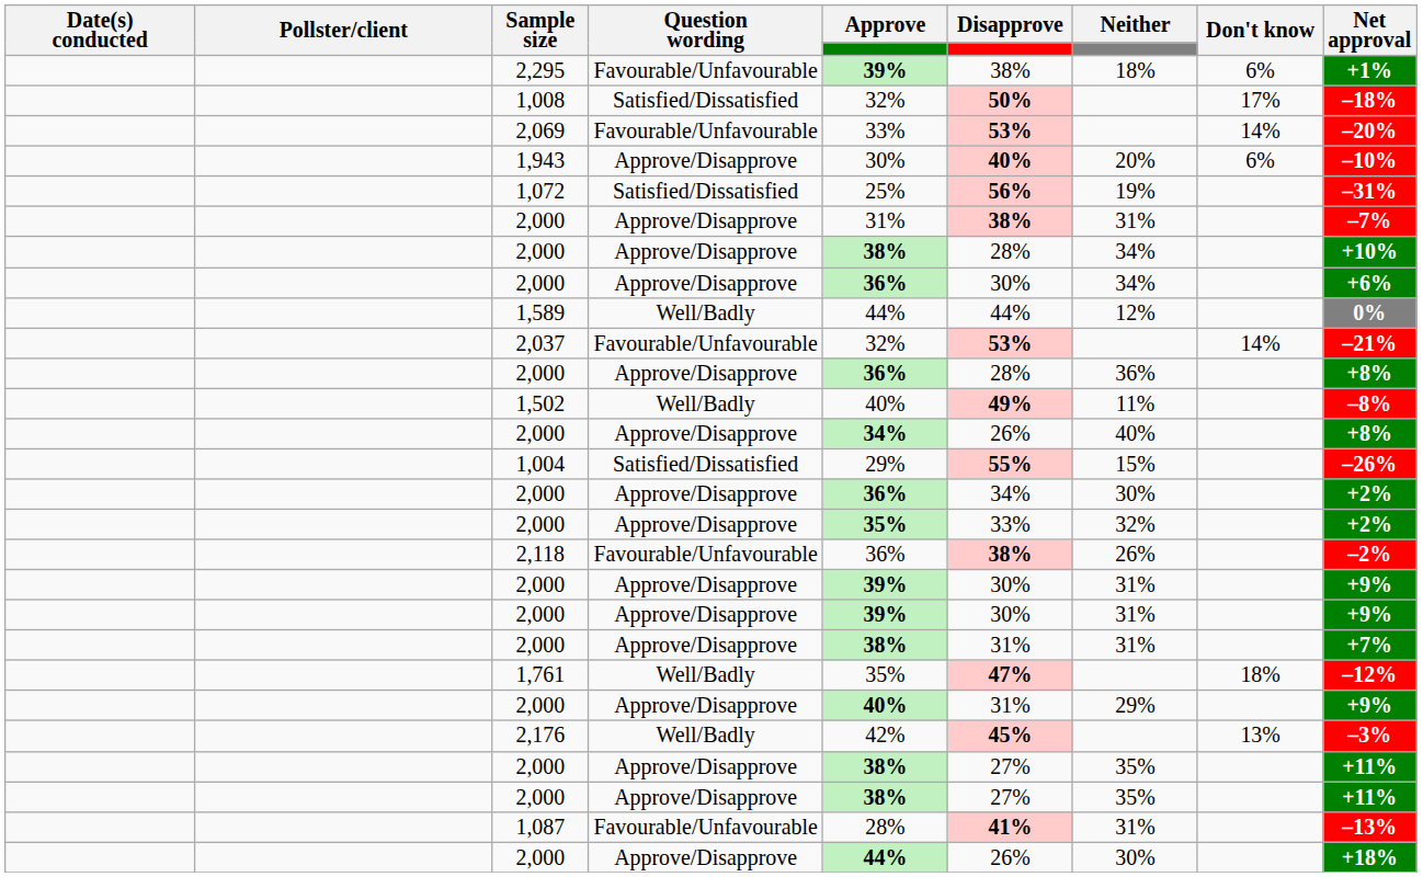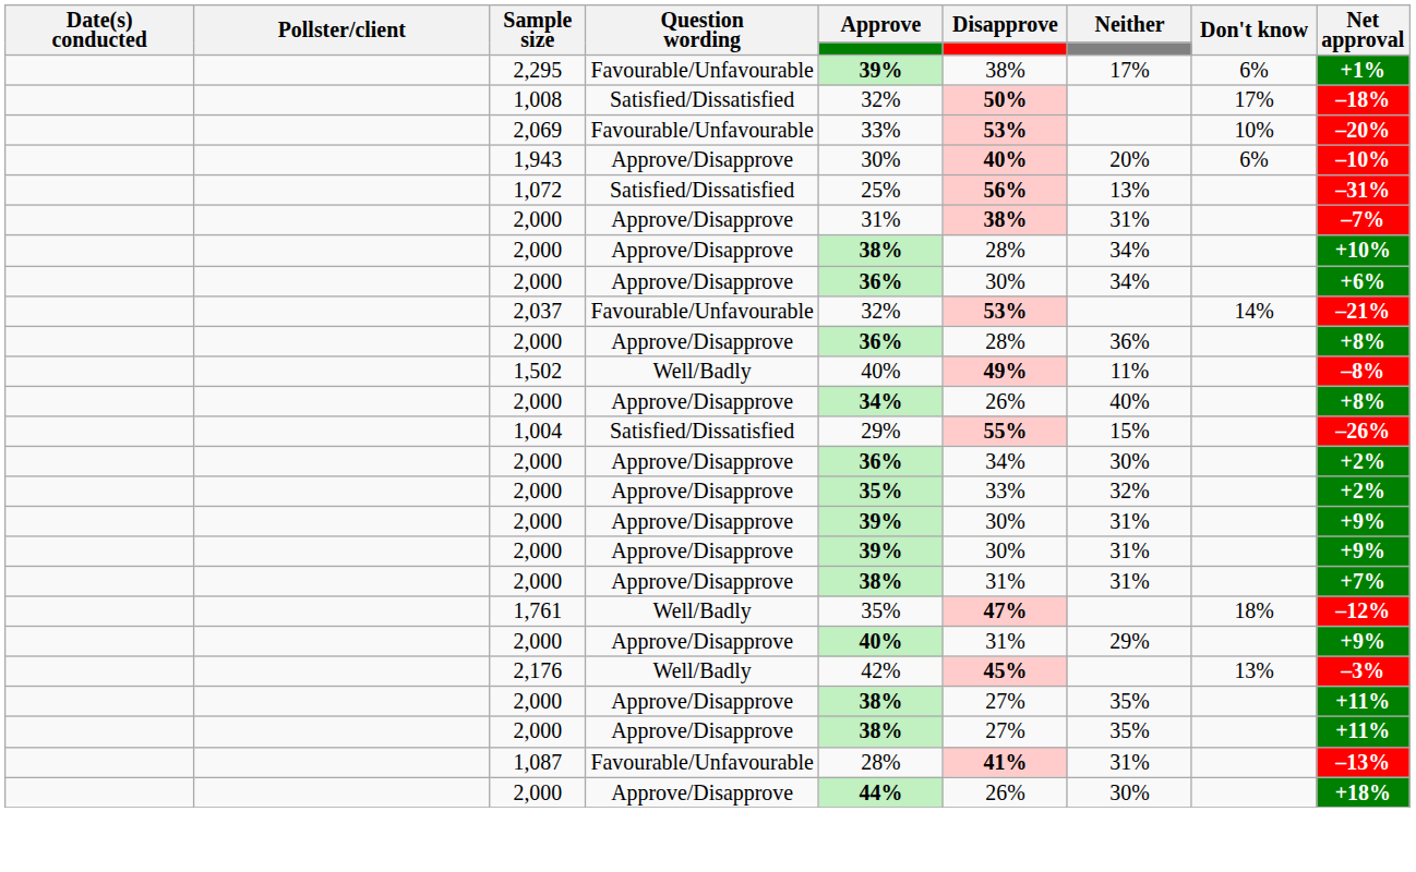 <table class="wikitable collapsible sortable mw-datatable" style="text-align:center;font-size:95%;line-height:14px;">
 <tr>
 <th style="width:125px;" rowspan="2">Date(s)<br>conducted</th>
 <th style="width:200px;" rowspan="2">Pollster/client</th>
 <th style="width:60px;" rowspan="2">Sample size</th>
 <th style="width:120px;" rowspan="2">Question<br>wording</th>
 <th class="unsortable" style="width:80px;">Approve</th>
 <th class="unsortable" style="width: 80px;">Disapprove</th>
 <th class="unsortable" style="width:80px;">Neither</th>
 <th class="unsortable" style="width:80px;" rowspan="2">Don't know</th>
 <th class="unsortable" style="width:20px;" rowspan="2">Net approval</th>
 </tr>
 <tr>
 <th class="unsortable" style="color:inherit;background:green;width:60px;"></th>
 <th class="unsortable" style="color:inherit;background:red;width:60px;"></th>
 <th class="unsortable" style="background:grey;width:60px;"></th>
 </tr>
 <tr>
 <td></td>
 <td></td>
 <td>2,295</td>
 <td>Favourable/Unfavourable</td>
 <td style="background:#C1F0C1"><strong>39%</strong></td>
 <td>38%</td>
-<td>18%</td>
+<td>17%</td>
 <td>6%</td>
 <td style="background:green;color:white"><strong>+1%</strong></td>
 </tr>
 <tr>
 <td></td>
 <td></td>
 <td>1,008</td>
 <td>Satisfied/Dissatisfied</td>
 <td>32%</td>
 <td style="background:#ffcccb"><strong>50%</strong></td>
 <td></td>
 <td>17%</td>
 <td style="background:red;color:white"><strong>–18%</strong></td>
 </tr>
 <tr>
 <td></td>
 <td></td>
 <td>2,069</td>
 <td>Favourable/Unfavourable</td>
 <td>33%</td>
 <td style="background:#ffcccb"><strong>53%</strong></td>
 <td></td>
-<td>14%</td>
+<td>10%</td>
 <td style="background:red;color:white"><strong>–20%</strong></td>
 </tr>
 <tr>
 <td></td>
 <td></td>
 <td>1,943</td>
 <td>Approve/Disapprove</td>
 <td>30%</td>
 <td style="background:#ffcccb"><strong>40%</strong></td>
 <td>20%</td>
 <td>6%</td>
 <td style="background:red;color:white"><strong>–10%</strong></td>
 </tr>
 <tr>
 <td></td>
 <td></td>
 <td>1,072</td>
 <td>Satisfied/Dissatisfied</td>
 <td>25%</td>
 <td style="background:#ffcccb"><strong>56%</strong></td>
-<td>19%</td>
+<td>13%</td>
 <td></td>
 <td style="background:red;color:white"><strong>–31%</strong></td>
 </tr>
 <tr>
 <td></td>
 <td></td>
 <td>2,000</td>
 <td>Approve/Disapprove</td>
 <td>31%</td>
 <td style="background:#ffcccb"><strong>38%</strong></td>
 <td>31%</td>
 <td></td>
 <td style="background:red;color:white"><strong>–7%</strong></td>
 </tr>
 <tr>
 <td></td>
 <td></td>
 <td>2,000</td>
 <td>Approve/Disapprove</td>
 <td style="background:#C1F0C1"><strong>38%</strong></td>
 <td>28%</td>
 <td>34%</td>
 <td></td>
 <td style="background:green;color:white"><strong>+10%</strong></td>
 </tr>
 <tr>
 <td></td>
 <td></td>
 <td>2,000</td>
 <td>Approve/Disapprove</td>
 <td style="background:#C1F0C1"><strong>36%</strong></td>
 <td>30%</td>
 <td>34%</td>
 <td></td>
 <td style="background:green;color:white"><strong>+6%</strong></td>
-</tr>
-<tr>
-<td></td>
-<td></td>
-<td>1,589</td>
-<td>Well/Badly</td>
-<td>44%</td>
-<td>44%</td>
-<td>12%</td>
-<td></td>
-<td style="background:grey;color:white;"><strong>0%</strong></td>
 </tr>
 <tr>
 <td></td>
 <td></td>
 <td>2,037</td>
 <td>Favourable/Unfavourable</td>
 <td>32%</td>
 <td style="background:#ffcccb"><strong>53%</strong></td>
 <td></td>
 <td>14%</td>
 <td style="background:red;color:white"><strong>–21%</strong></td>
 </tr>
 <tr>
 <td></td>
 <td></td>
 <td>2,000</td>
 <td>Approve/Disapprove</td>
 <td style="background:#C1F0C1"><strong>36%</strong></td>
 <td>28%</td>
 <td>36%</td>
 <td></td>
 <td style="background:green;color:white"><strong>+8%</strong></td>
 </tr>
 <tr>
 <td></td>
 <td></td>
 <td>1,502</td>
 <td>Well/Badly</td>
 <td>40%</td>
 <td style="background:#ffcccb"><strong>49%</strong></td>
 <td>11%</td>
 <td></td>
 <td style="background:red;color:white"><strong>–8%</strong></td>
 </tr>
 <tr>
 <td></td>
 <td></td>
 <td>2,000</td>
 <td>Approve/Disapprove</td>
 <td style="background:#C1F0C1"><strong>34%</strong></td>
 <td>26%</td>
 <td>40%</td>
 <td></td>
 <td style="background:green;color:white"><strong>+8%</strong></td>
 </tr>
 <tr>
 <td></td>
 <td></td>
 <td>1,004</td>
 <td>Satisfied/Dissatisfied</td>
 <td>29%</td>
 <td style="background:#ffcccb"><strong>55%</strong></td>
 <td>15%</td>
 <td></td>
 <td style="background:red;color:white"><strong>–26%</strong></td>
 </tr>
 <tr>
 <td></td>
 <td></td>
 <td>2,000</td>
 <td>Approve/Disapprove</td>
 <td style="background:#C1F0C1"><strong>36%</strong></td>
 <td>34%</td>
 <td>30%</td>
 <td></td>
 <td style="background:green;color:white"><strong>+2%</strong></td>
 </tr>
 <tr>
 <td></td>
 <td></td>
 <td>2,000</td>
 <td>Approve/Disapprove</td>
 <td style="background:#C1F0C1"><strong>35%</strong></td>
 <td>33%</td>
 <td>32%</td>
 <td></td>
 <td style="background:green;color:white"><strong>+2%</strong></td>
-</tr>
-<tr>
-<td></td>
-<td></td>
-<td>2,118</td>
-<td>Favourable/Unfavourable</td>
-<td>36%</td>
-<td style="background:#ffcccb"><strong>38%</strong></td>
-<td>26%</td>
-<td></td>
-<td style="background:red;color:white"><strong>–2%</strong></td>
 </tr>
 <tr>
 <td></td>
 <td></td>
 <td>2,000</td>
 <td>Approve/Disapprove</td>
 <td style="background:#C1F0C1"><strong>39%</strong></td>
 <td>30%</td>
 <td>31%</td>
 <td></td>
 <td style="background:green;color:white"><strong>+9%</strong></td>
 </tr>
 <tr>
 <td></td>
 <td></td>
 <td>2,000</td>
 <td>Approve/Disapprove</td>
 <td style="background:#C1F0C1"><strong>39%</strong></td>
 <td>30%</td>
 <td>31%</td>
 <td></td>
 <td style="background:green;color:white"><strong>+9%</strong></td>
 </tr>
 <tr>
 <td></td>
 <td></td>
 <td>2,000</td>
 <td>Approve/Disapprove</td>
 <td style="background:#C1F0C1"><strong>38%</strong></td>
 <td>31%</td>
 <td>31%</td>
 <td></td>
 <td style="background:green;color:white"><strong>+7%</strong></td>
 </tr>
 <tr>
 <td></td>
 <td></td>
 <td>1,761</td>
 <td>Well/Badly</td>
 <td>35%</td>
 <td style="background:#ffcccb"><strong>47%</strong></td>
 <td></td>
 <td>18%</td>
 <td style="background:red;color:white"><strong>–12%</strong></td>
 </tr>
 <tr>
 <td></td>
 <td></td>
 <td>2,000</td>
 <td>Approve/Disapprove</td>
 <td style="background:#C1F0C1"><strong>40%</strong></td>
 <td>31%</td>
 <td>29%</td>
 <td></td>
 <td style="background:green;color:white"><strong>+9%</strong></td>
 </tr>
 <tr>
 <td></td>
 <td></td>
 <td>2,176</td>
 <td>Well/Badly</td>
 <td>42%</td>
 <td style="background:#ffcccb"><strong>45%</strong></td>
 <td></td>
 <td>13%</td>
 <td style="background:red;color:white"><strong>–3%</strong></td>
 </tr>
 <tr>
 <td></td>
 <td></td>
 <td>2,000</td>
 <td>Approve/Disapprove</td>
 <td style="background:#C1F0C1"><strong>38%</strong></td>
 <td>27%</td>
 <td>35%</td>
 <td></td>
 <td style="background:green;color:white"><strong>+11%</strong></td>
 </tr>
 <tr>
 <td></td>
 <td></td>
 <td>2,000</td>
 <td>Approve/Disapprove</td>
 <td style="background:#C1F0C1"><strong>38%</strong></td>
 <td>27%</td>
 <td>35%</td>
 <td></td>
 <td style="background:green;color:white"><strong>+11%</strong></td>
 </tr>
 <tr>
 <td></td>
 <td></td>
 <td>1,087</td>
 <td>Favourable/Unfavourable</td>
 <td>28%</td>
 <td style="background:#ffcccb"><strong>41%</strong></td>
 <td>31%</td>
 <td></td>
 <td style="background:red;color:white"><strong>–13%</strong></td>
 </tr>
 <tr>
 <td></td>
 <td></td>
 <td>2,000</td>
 <td>Approve/Disapprove</td>
 <td style="background:#C1F0C1"><strong>44%</strong></td>
 <td>26%</td>
 <td>30%</td>
 <td></td>
 <td style="background:green;color:white"><strong>+18%</strong></td>
 </tr>
 </table>
